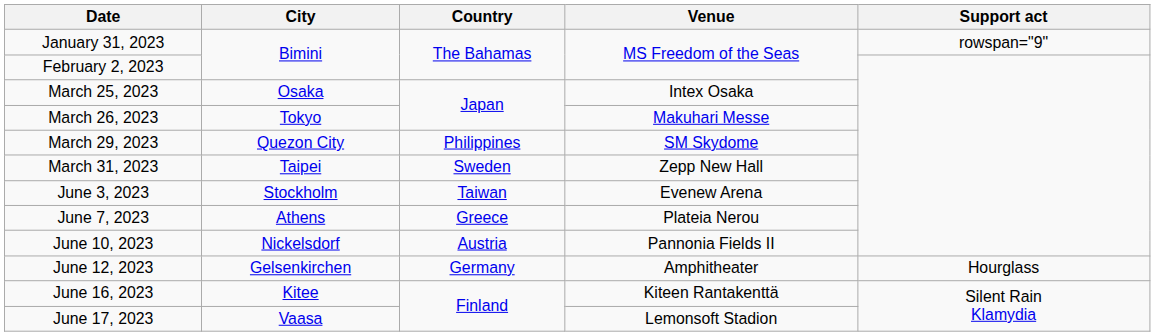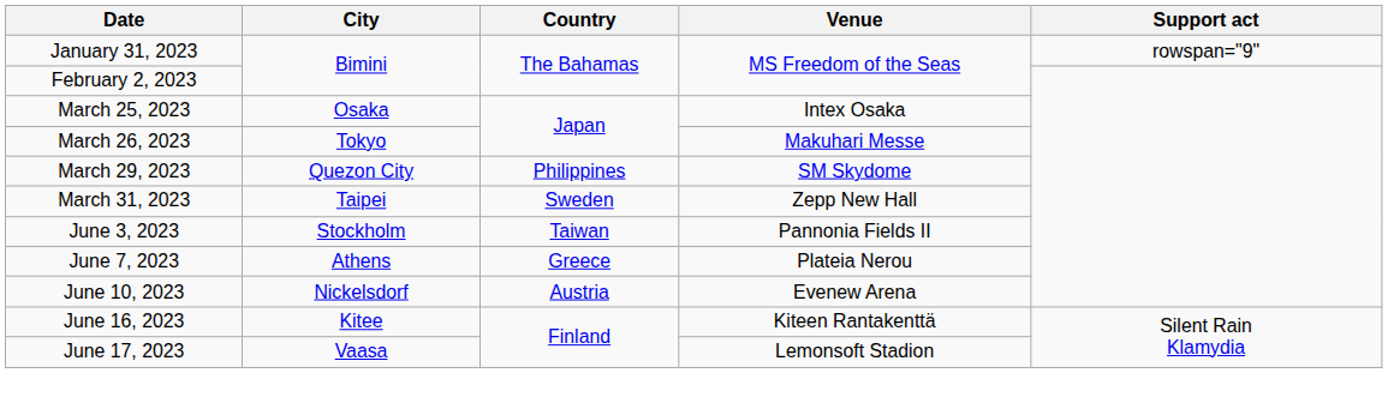 <table class="wikitable plainrowheaders" style="text-align:center;">
 <tr>
 <th scope="col" style="width:12em;">Date</th>
 <th scope="col" style="width:12em;">City</th>
 <th scope="col" style="width:10em;">Country</th>
 <th scope="col" style="width:18em;">Venue</th>
 <th scope="col" style="width:18em;">Support act</th>
 </tr>
 <tr>
 <td>January 31, 2023</td>
 <td rowspan="2"><a href='#'>Bimini</a></td>
 <td rowspan="2"><a href='#'>The Bahamas</a></td>
 <td rowspan="2"><a href='#'>MS Freedom of the Seas</a></td>
 <td>rowspan="9" </td>
 </tr>
 <tr>
 <td>February 2, 2023</td>
 </tr>
 <tr>
 <td>March 25, 2023</td>
 <td><a href='#'>Osaka</a></td>
 <td rowspan="2"><a href='#'>Japan</a></td>
 <td>Intex Osaka</td>
 </tr>
 <tr>
 <td>March 26, 2023</td>
 <td><a href='#'>Tokyo</a></td>
 <td><a href='#'>Makuhari Messe</a></td>
 </tr>
 <tr>
 <td>March 29, 2023</td>
 <td><a href='#'>Quezon City</a></td>
 <td><a href='#'>Philippines</a></td>
 <td><a href='#'>SM Skydome</a></td>
 </tr>
 <tr>
 <td>March 31, 2023</td>
 <td><a href='#'>Taipei</a></td>
 <td><a href='#'>Sweden</a></td>
 <td>Zepp New Hall</td>
 </tr>
 <tr>
 <td>June 3, 2023</td>
 <td><a href='#'>Stockholm</a></td>
 <td><a href='#'>Taiwan</a></td>
-<td>Evenew Arena</td>
+<td>Pannonia Fields II</td>
 </tr>
 <tr>
 <td>June 7, 2023</td>
 <td><a href='#'>Athens</a></td>
 <td><a href='#'>Greece</a></td>
 <td>Plateia Nerou</td>
 </tr>
 <tr>
 <td>June 10, 2023</td>
 <td><a href='#'>Nickelsdorf</a></td>
 <td><a href='#'>Austria</a></td>
-<td>Pannonia Fields II</td>
-</tr>
-<tr>
-<td>June 12, 2023</td>
-<td><a href='#'>Gelsenkirchen</a></td>
-<td><a href='#'>Germany</a></td>
-<td>Amphitheater</td>
-<td>Hourglass</td>
+<td>Evenew Arena</td>
 </tr>
 <tr>
 <td>June 16, 2023</td>
 <td><a href='#'>Kitee</a></td>
 <td rowspan="2"><a href='#'>Finland</a></td>
 <td>Kiteen Rantakenttä</td>
 <td rowspan="2">Silent Rain<br><a href='#'>Klamydia</a></td>
 </tr>
 <tr>
 <td>June 17, 2023</td>
 <td><a href='#'>Vaasa</a></td>
 <td>Lemonsoft Stadion</td>
 </tr>
 </table>
